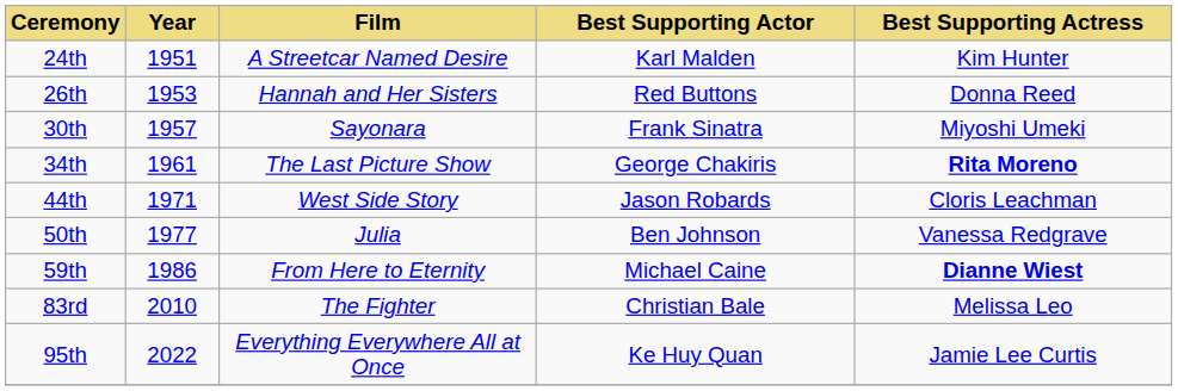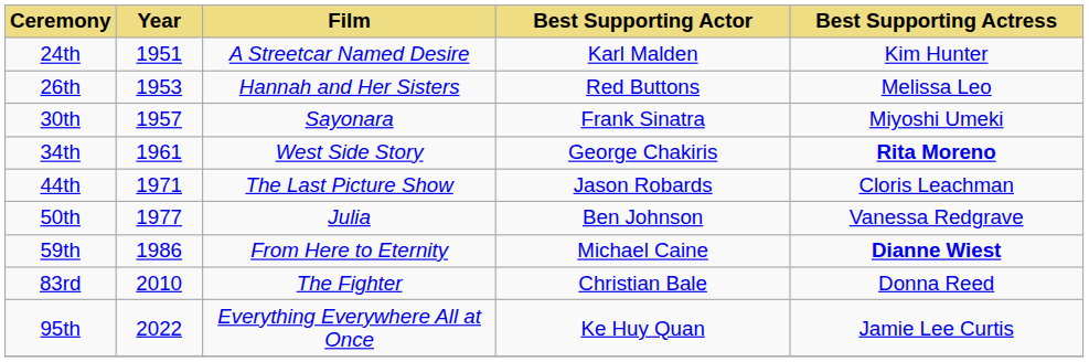 <table class="wikitable sortable" style="text-align: center">
 <tr>
 <th style="background-color:#EEDD82; width:060px;">Ceremony</th>
 <th style="background-color:#EEDD82; width:060px;">Year</th>
 <th style="background-color:#EEDD82; width:220px;">Film</th>
 <th style="background-color:#EEDD82; width:220px;">Best Supporting Actor</th>
 <th style="background-color:#EEDD82; width:220px;">Best Supporting Actress</th>
 </tr>
 <tr>
 <td><a href='#'>24th</a></td>
 <td><a href='#'>1951</a></td>
 <td><em><a href='#'>A Streetcar Named Desire</a></em></td>
 <td><a href='#'>Karl Malden</a></td>
 <td><a href='#'>Kim Hunter</a></td>
 </tr>
 <tr>
 <td><a href='#'>26th</a></td>
 <td><a href='#'>1953</a></td>
 <td><em><a href='#'>Hannah and Her Sisters</a></em></td>
 <td><a href='#'>Red Buttons</a></td>
-<td><a href='#'>Donna Reed</a></td>
+<td><a href='#'>Melissa Leo</a></td>
 </tr>
 <tr>
 <td><a href='#'>30th</a></td>
 <td><a href='#'>1957</a></td>
 <td><em><a href='#'>Sayonara</a></em></td>
 <td><a href='#'>Frank Sinatra</a></td>
 <td><a href='#'>Miyoshi Umeki</a></td>
 </tr>
 <tr>
 <td><a href='#'>34th</a></td>
 <td><a href='#'>1961</a></td>
-<td><em><a href='#'>The Last Picture Show</a></em></td>
+<td><em><a href='#'>West Side Story</a></em></td>
 <td><a href='#'>George Chakiris</a></td>
 <td><strong><a href='#'>Rita Moreno</a></strong></td>
 </tr>
 <tr>
 <td><a href='#'>44th</a></td>
 <td><a href='#'>1971</a></td>
-<td><em><a href='#'>West Side Story</a></em></td>
+<td><em><a href='#'>The Last Picture Show</a></em></td>
 <td><a href='#'>Jason Robards</a></td>
 <td><a href='#'>Cloris Leachman</a></td>
 </tr>
 <tr>
 <td><a href='#'>50th</a></td>
 <td><a href='#'>1977</a></td>
 <td><em><a href='#'>Julia</a></em></td>
 <td><a href='#'>Ben Johnson</a></td>
 <td><a href='#'>Vanessa Redgrave</a></td>
 </tr>
 <tr>
 <td><a href='#'>59th</a></td>
 <td><a href='#'>1986</a></td>
 <td><em><a href='#'>From Here to Eternity</a></em></td>
 <td><a href='#'>Michael Caine</a></td>
 <td><strong><a href='#'>Dianne Wiest</a></strong></td>
 </tr>
 <tr>
 <td><a href='#'>83rd</a></td>
 <td><a href='#'>2010</a></td>
 <td><em><a href='#'>The Fighter</a></em></td>
 <td><a href='#'>Christian Bale</a></td>
-<td><a href='#'>Melissa Leo</a></td>
+<td><a href='#'>Donna Reed</a></td>
 </tr>
 <tr>
 <td><a href='#'>95th</a></td>
 <td><a href='#'>2022</a></td>
 <td><em><a href='#'>Everything Everywhere All at Once</a></em></td>
 <td><a href='#'>Ke Huy Quan</a></td>
 <td><a href='#'>Jamie Lee Curtis</a></td>
 </tr>
 <tr>
 </tr>
 </table>
